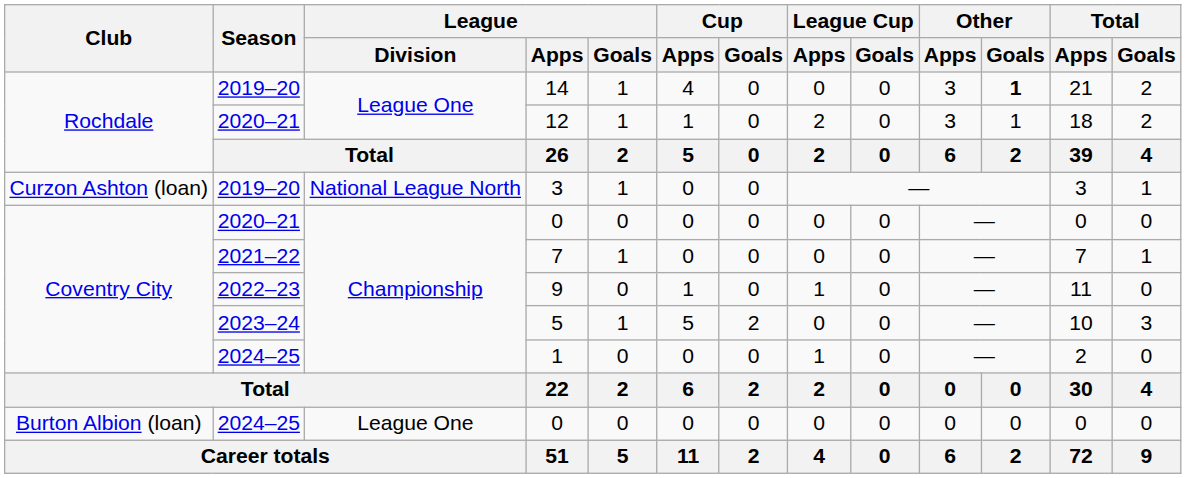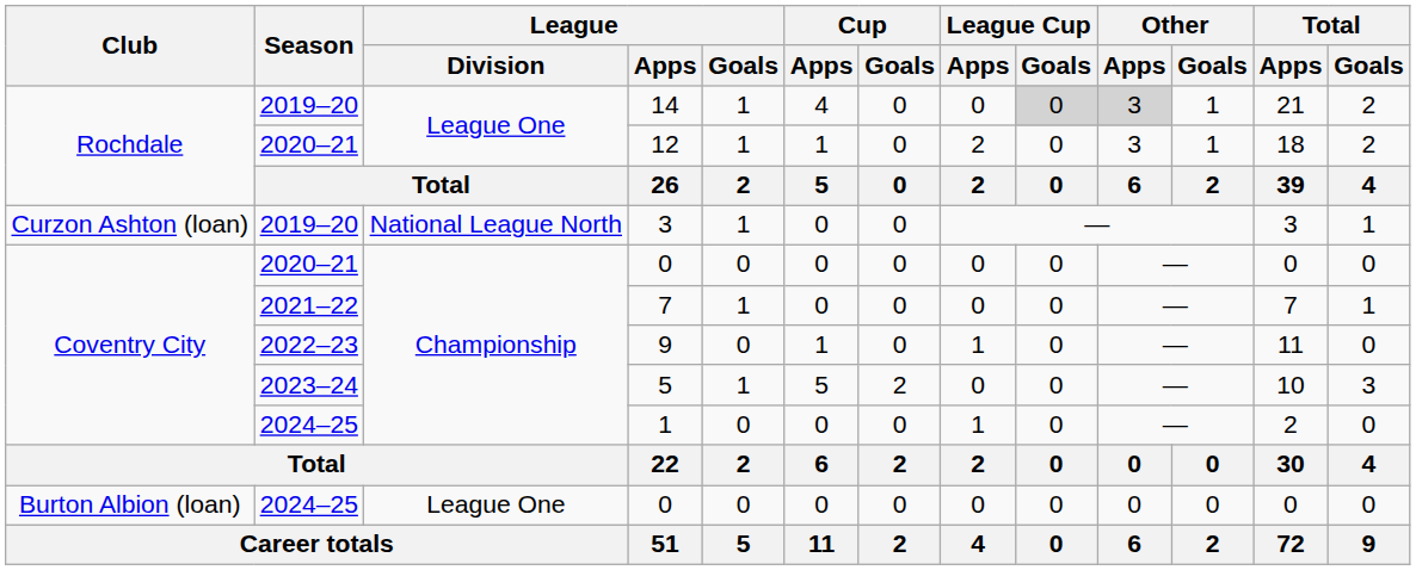 <table class="wikitable" style="text-align:center">
 <tr>
 <th rowspan="2">Club</th>
 <th rowspan="2">Season</th>
 <th colspan="3">League</th>
 <th colspan="2">Cup</th>
 <th colspan="2">League Cup</th>
 <th colspan="2">Other</th>
 <th colspan="2">Total</th>
 </tr>
 <tr>
 <th>Division</th>
 <th>Apps</th>
 <th>Goals</th>
 <th>Apps</th>
 <th>Goals</th>
 <th>Apps</th>
 <th>Goals</th>
 <th>Apps</th>
 <th>Goals</th>
 <th>Apps</th>
 <th>Goals</th>
 </tr>
 <tr>
 <td rowspan="3"><a href='#'>Rochdale</a></td>
 <td><a href='#'>2019–20</a></td>
 <td rowspan="2"><a href='#'>League One</a></td>
 <td>14</td>
 <td>1</td>
 <td>4</td>
 <td>0</td>
 <td>0</td>
-<td>0</td>
-<td>3</td>
-<td><strong>1</strong></td>
+<td style="background: lightgrey;">0</td>
+<td style="background: lightgrey;">3</td>
+<td>1</td>
 <td>21</td>
 <td>2</td>
 </tr>
 <tr>
 <td><a href='#'>2020–21</a></td>
 <td>12</td>
 <td>1</td>
 <td>1</td>
 <td>0</td>
 <td>2</td>
 <td>0</td>
 <td>3</td>
 <td>1</td>
 <td>18</td>
 <td>2</td>
 </tr>
 <tr>
 <th colspan=2>Total</th>
 <th>26</th>
 <th>2</th>
 <th>5</th>
 <th>0</th>
 <th>2</th>
 <th>0</th>
 <th>6</th>
 <th>2</th>
 <th>39</th>
 <th>4</th>
 </tr>
 <tr>
 <td><a href='#'>Curzon Ashton</a> (loan)</td>
 <td><a href='#'>2019–20</a></td>
 <td><a href='#'>National League North</a></td>
 <td>3</td>
 <td>1</td>
 <td>0</td>
 <td>0</td>
 <td colspan="4">—</td>
 <td>3</td>
 <td>1</td>
 </tr>
 <tr>
 <td rowspan="5"><a href='#'>Coventry City</a></td>
 <td><a href='#'>2020–21</a></td>
 <td rowspan="5"><a href='#'>Championship</a></td>
 <td>0</td>
 <td>0</td>
 <td>0</td>
 <td>0</td>
 <td>0</td>
 <td>0</td>
 <td colspan="2">—</td>
 <td>0</td>
 <td>0</td>
 </tr>
 <tr>
 <td><a href='#'>2021–22</a></td>
 <td>7</td>
 <td>1</td>
 <td>0</td>
 <td>0</td>
 <td>0</td>
 <td>0</td>
 <td colspan="2">—</td>
 <td>7</td>
 <td>1</td>
 </tr>
 <tr>
 <td><a href='#'>2022–23</a></td>
 <td>9</td>
 <td>0</td>
 <td>1</td>
 <td>0</td>
 <td>1</td>
 <td>0</td>
 <td colspan="2">—</td>
 <td>11</td>
 <td>0</td>
 </tr>
 <tr>
 <td><a href='#'>2023–24</a></td>
 <td>5</td>
 <td>1</td>
 <td>5</td>
 <td>2</td>
 <td>0</td>
 <td>0</td>
 <td colspan="2">—</td>
 <td>10</td>
 <td>3</td>
 </tr>
 <tr>
 <td><a href='#'>2024–25</a></td>
 <td>1</td>
 <td>0</td>
 <td>0</td>
 <td>0</td>
 <td>1</td>
 <td>0</td>
 <td colspan="2">—</td>
 <td>2</td>
 <td>0</td>
 </tr>
 <tr>
 <th colspan=3>Total</th>
 <th>22</th>
 <th>2</th>
 <th>6</th>
 <th>2</th>
 <th>2</th>
 <th>0</th>
 <th>0</th>
 <th>0</th>
 <th>30</th>
 <th>4</th>
 </tr>
 <tr>
 <td><a href='#'>Burton Albion</a> (loan)</td>
 <td><a href='#'>2024–25</a></td>
 <td>League One</td>
 <td>0</td>
 <td>0</td>
 <td>0</td>
 <td>0</td>
 <td>0</td>
 <td>0</td>
 <td>0</td>
 <td>0</td>
 <td>0</td>
 <td>0</td>
 </tr>
 <tr>
 <th colspan=3>Career totals</th>
 <th>51</th>
 <th>5</th>
 <th>11</th>
 <th>2</th>
 <th>4</th>
 <th>0</th>
 <th>6</th>
 <th>2</th>
 <th>72</th>
 <th>9</th>
 </tr>
 </table>
